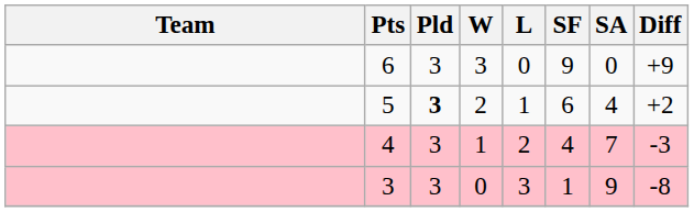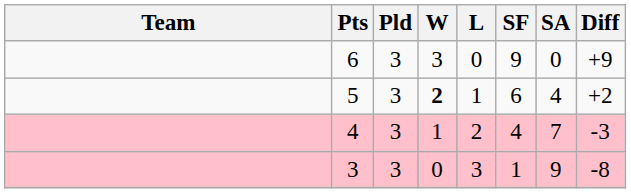 <table class=wikitable style="text-align:center">
 <tr>
 <th width=220>Team</th>
 <th width=20>Pts</th>
 <th width=20>Pld</th>
 <th width=20>W</th>
 <th width=20>L</th>
 <th width=20>SF</th>
 <th width=20>SA</th>
 <th width=20>Diff</th>
 </tr>
 <tr style="background: ccffcc">
 <td align=left></td>
 <td>6</td>
 <td>3</td>
 <td>3</td>
 <td>0</td>
 <td>9</td>
 <td>0</td>
 <td>+9</td>
 </tr>
 <tr style="background: ccffcc">
 <td align=left></td>
 <td>5</td>
-<td><strong>3</strong></td>
-<td>2</td>
+<td>3</td>
+<td><strong>2</strong></td>
 <td>1</td>
 <td>6</td>
 <td>4</td>
 <td>+2</td>
 </tr>
 <tr style="background: pink">
 <td align=left></td>
 <td>4</td>
 <td>3</td>
 <td>1</td>
 <td>2</td>
 <td>4</td>
 <td>7</td>
 <td>-3</td>
 </tr>
 <tr style="background: pink">
 <td align=left></td>
 <td>3</td>
 <td>3</td>
 <td>0</td>
 <td>3</td>
 <td>1</td>
 <td>9</td>
 <td>-8</td>
 </tr>
 <tr>
 </tr>
 </table>
